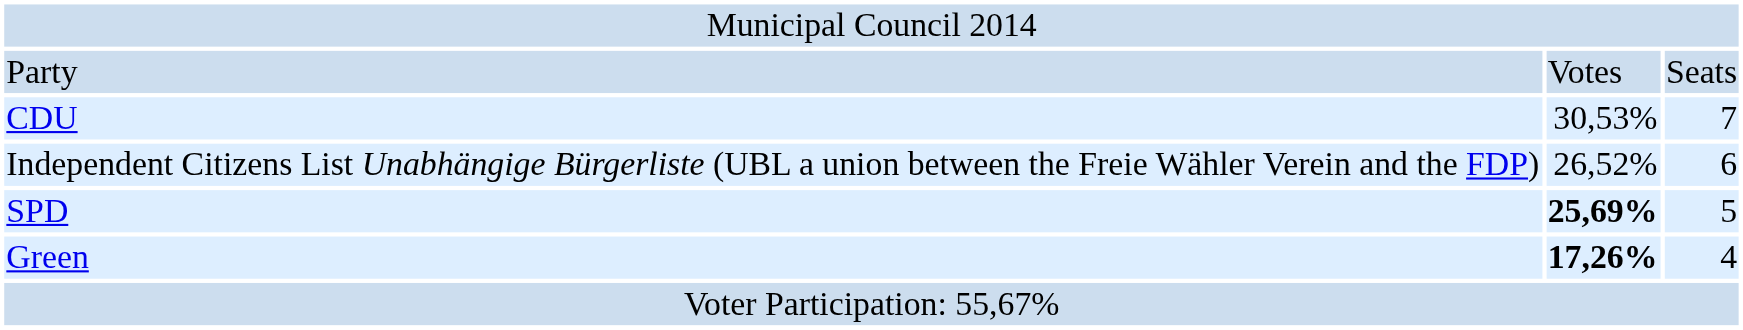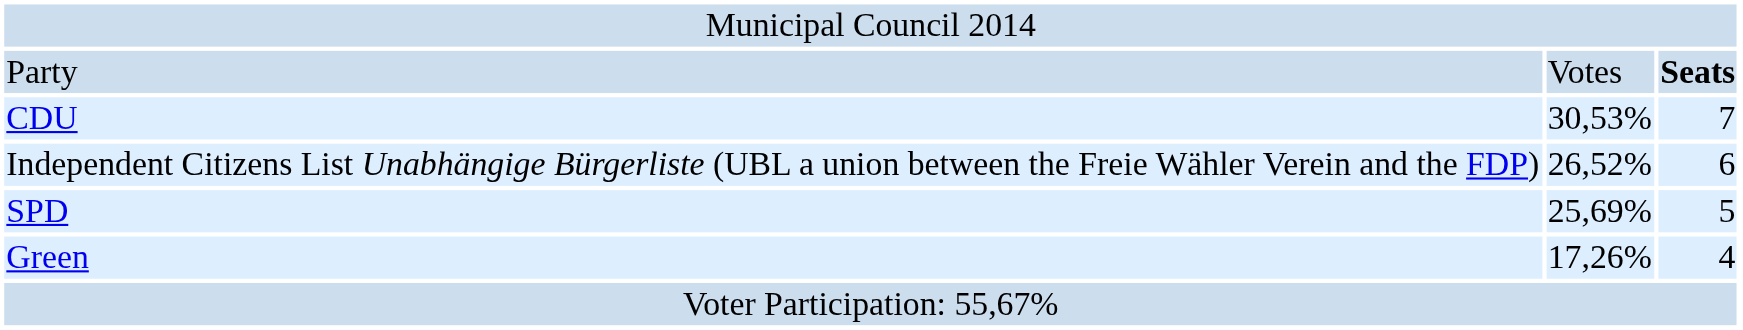 <table border=0>
 <tr bgcolor=#FFFFFF>
 </tr>
 <tr bgcolor=#CCDDEE>
 <td colspan=6 align=center>Municipal Council 2014</td>
 </tr>
 <tr bgcolor=#CCDDEE>
 <td>Party</td>
 <td>Votes</td>
-<td>Seats</td>
+<td><strong>Seats</strong></td>
 </tr>
 <tr bgcolor=#DDEEFF>
 <td><a href='#'>CDU</a></td>
 <td align=right>30,53%</td>
 <td align="right">7</td>
 </tr>
 <tr bgcolor="#DDEEFF">
 <td>Independent Citizens List <em>Unabhängige Bürgerliste</em> (UBL a union between the Freie Wähler Verein and the <a href='#'>FDP</a>)</td>
 <td align="right">26,52%</td>
 <td align="right">6</td>
 </tr>
 <tr bgcolor="#DDEEFF">
 <td><a href='#'>SPD</a></td>
-<td align="right"><strong>25,69%</strong></td>
+<td align="right">25,69%</td>
 <td align="right">5</td>
 </tr>
 <tr bgcolor=#DDEEFF>
 <td><a href='#'>Green</a></td>
-<td align=right><strong>17,26%</strong></td>
+<td align=right>17,26%</td>
 <td align="right">4</td>
 </tr>
 <tr bgcolor=#CCDDEE>
 <td colspan=6 align=center>Voter Participation: 55,67%</td>
 </tr>
 </table>
